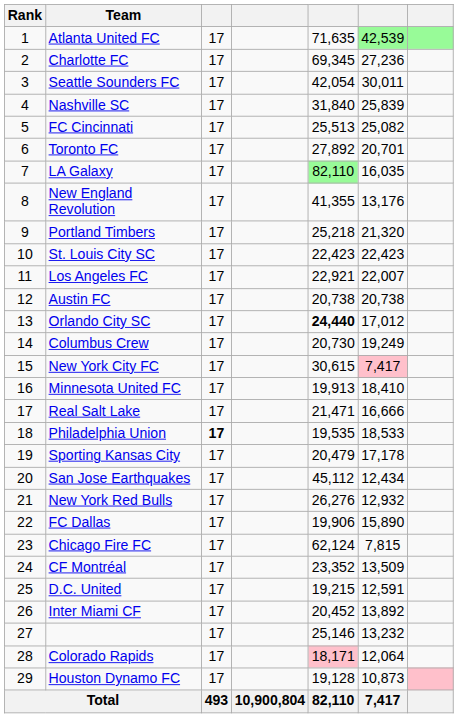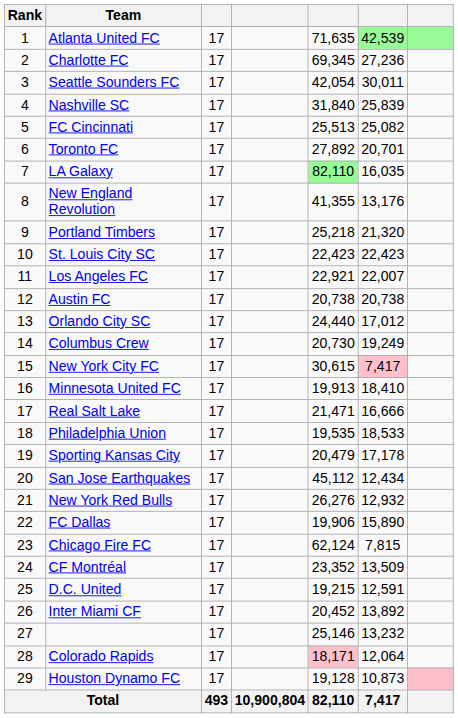 <table class="wikitable sortable" style=text-align:center>
 <tr>
 <th width=25>Rank</th>
 <th width=170>Team</th>
 <th></th>
 <th width=45></th>
 <th width=45></th>
 <th width=45></th>
 <th width=45></th>
 </tr>
 <tr>
 <td>1</td>
 <td align=left><a href='#'>Atlanta United FC</a></td>
 <td>17</td>
 <td></td>
 <td>71,635</td>
 <td bgcolor="#98fb98">42,539</td>
 <td bgcolor="#98fb98"></td>
 </tr>
 <tr>
 <td>2</td>
 <td align=left><a href='#'>Charlotte FC</a></td>
 <td>17</td>
 <td></td>
 <td>69,345</td>
 <td>27,236</td>
 <td></td>
 </tr>
 <tr>
 <td>3</td>
 <td align=left><a href='#'>Seattle Sounders FC</a></td>
 <td>17</td>
 <td></td>
 <td>42,054</td>
 <td>30,011</td>
 <td></td>
 </tr>
 <tr>
 <td>4</td>
 <td align=left><a href='#'>Nashville SC</a></td>
 <td>17</td>
 <td></td>
 <td>31,840</td>
 <td>25,839</td>
 <td></td>
 </tr>
 <tr>
 <td>5</td>
 <td align=left><a href='#'>FC Cincinnati</a></td>
 <td>17</td>
 <td></td>
 <td>25,513</td>
 <td>25,082</td>
 <td></td>
 </tr>
 <tr>
 <td>6</td>
 <td align=left><a href='#'>Toronto FC</a></td>
 <td>17</td>
 <td></td>
 <td>27,892</td>
 <td>20,701</td>
 <td></td>
 </tr>
 <tr>
 <td>7</td>
 <td align=left><a href='#'>LA Galaxy</a></td>
 <td>17</td>
 <td></td>
 <td bgcolor="#98fb98">82,110</td>
 <td>16,035</td>
 <td></td>
 </tr>
 <tr>
 <td>8</td>
 <td align=left><a href='#'>New England Revolution</a></td>
 <td>17</td>
 <td></td>
 <td>41,355</td>
 <td>13,176</td>
 <td></td>
 </tr>
 <tr>
 <td>9</td>
 <td align=left><a href='#'>Portland Timbers</a></td>
 <td>17</td>
 <td></td>
 <td>25,218</td>
 <td>21,320</td>
 <td></td>
 </tr>
 <tr>
 <td>10</td>
 <td align=left><a href='#'>St. Louis City SC</a></td>
 <td>17</td>
 <td></td>
 <td>22,423</td>
 <td>22,423</td>
 <td></td>
 </tr>
 <tr>
 <td>11</td>
 <td align=left><a href='#'>Los Angeles FC</a></td>
 <td>17</td>
 <td></td>
 <td>22,921</td>
 <td>22,007</td>
 <td></td>
 </tr>
 <tr>
 <td>12</td>
 <td align=left><a href='#'>Austin FC</a></td>
 <td>17</td>
 <td></td>
 <td>20,738</td>
 <td>20,738</td>
 <td></td>
 </tr>
 <tr>
 <td>13</td>
 <td align=left><a href='#'>Orlando City SC</a></td>
 <td>17</td>
 <td></td>
-<td><strong>24,440</strong></td>
+<td>24,440</td>
 <td>17,012</td>
 <td></td>
 </tr>
 <tr>
 <td>14</td>
 <td align=left><a href='#'>Columbus Crew</a></td>
 <td>17</td>
 <td></td>
 <td>20,730</td>
 <td>19,249</td>
 <td></td>
 </tr>
 <tr>
 <td>15</td>
 <td align=left><a href='#'>New York City FC</a></td>
 <td>17</td>
 <td></td>
 <td>30,615</td>
 <td bgcolor="#ffc0cb">7,417</td>
 <td></td>
 </tr>
 <tr>
 <td>16</td>
 <td align=left><a href='#'>Minnesota United FC</a></td>
 <td>17</td>
 <td></td>
 <td>19,913</td>
 <td>18,410</td>
 <td></td>
 </tr>
 <tr>
 <td>17</td>
 <td align=left><a href='#'>Real Salt Lake</a></td>
 <td>17</td>
 <td></td>
 <td>21,471</td>
 <td>16,666</td>
 <td></td>
 </tr>
 <tr>
 <td>18</td>
 <td align=left><a href='#'>Philadelphia Union</a></td>
-<td><strong>17</strong></td>
+<td>17</td>
 <td></td>
 <td>19,535</td>
 <td>18,533</td>
 <td></td>
 </tr>
 <tr>
 <td>19</td>
 <td align=left><a href='#'>Sporting Kansas City</a></td>
 <td>17</td>
 <td></td>
 <td>20,479</td>
 <td>17,178</td>
 <td></td>
 </tr>
 <tr>
 <td>20</td>
 <td align=left><a href='#'>San Jose Earthquakes</a></td>
 <td>17</td>
 <td></td>
 <td>45,112</td>
 <td>12,434</td>
 <td></td>
 </tr>
 <tr>
 <td>21</td>
 <td align=left><a href='#'>New York Red Bulls</a></td>
 <td>17</td>
 <td></td>
 <td>26,276</td>
 <td>12,932</td>
 <td></td>
 </tr>
 <tr>
 <td>22</td>
 <td align=left><a href='#'>FC Dallas</a></td>
 <td>17</td>
 <td></td>
 <td>19,906</td>
 <td>15,890</td>
 <td></td>
 </tr>
 <tr>
 <td>23</td>
 <td align=left><a href='#'>Chicago Fire FC</a></td>
 <td>17</td>
 <td></td>
 <td>62,124</td>
 <td>7,815</td>
 <td></td>
 </tr>
 <tr>
 <td>24</td>
 <td align=left><a href='#'>CF Montréal</a></td>
 <td>17</td>
 <td></td>
 <td>23,352</td>
 <td>13,509</td>
 <td></td>
 </tr>
 <tr>
 <td>25</td>
 <td align=left><a href='#'>D.C. United</a></td>
 <td>17</td>
 <td></td>
 <td>19,215</td>
 <td>12,591</td>
 <td></td>
 </tr>
 <tr>
 <td>26</td>
 <td align=left><a href='#'>Inter Miami CF</a></td>
 <td>17</td>
 <td></td>
 <td>20,452</td>
 <td>13,892</td>
 <td></td>
 </tr>
 <tr>
 <td>27</td>
 <td align=left></td>
 <td>17</td>
 <td></td>
 <td>25,146</td>
 <td>13,232</td>
 <td></td>
 </tr>
 <tr>
 <td>28</td>
 <td align=left><a href='#'>Colorado Rapids</a></td>
 <td>17</td>
 <td></td>
 <td bgcolor="#ffc0cb">18,171</td>
 <td>12,064</td>
 <td></td>
 </tr>
 <tr>
 <td>29</td>
 <td align=left><a href='#'>Houston Dynamo FC</a></td>
 <td>17</td>
 <td></td>
 <td>19,128</td>
 <td>10,873</td>
 <td bgcolor="#ffc0cb"></td>
 </tr>
 <tr>
 <th colspan=2>Total</th>
 <th>493</th>
 <th>10,900,804</th>
 <th>82,110</th>
 <th>7,417</th>
 <th></th>
 </tr>
 </table>
